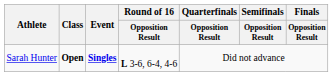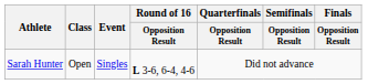 <table class=wikitable style="font-size:90%">
 <tr>
 <th rowspan="2">Athlete</th>
 <th rowspan="2">Class</th>
 <th rowspan="2">Event</th>
 <th>Round of 16</th>
 <th>Quarterfinals</th>
 <th>Semifinals</th>
 <th>Finals</th>
 </tr>
 <tr>
 <th style="line-height:1em"><small>Opposition<br>Result</small></th>
 <th style="line-height:1em"><small>Opposition<br>Result</small></th>
 <th style="line-height:1em"><small>Opposition<br>Result</small></th>
 <th style="line-height:1em"><small>Opposition<br>Result</small></th>
 </tr>
 <tr>
 <td><a href='#'>Sarah Hunter</a></td>
-<td style="text-align:center;"><strong>Open</strong></td>
-<td><strong><a href='#'>Singles</a></strong></td>
+<td style="text-align:center;">Open</td>
+<td><a href='#'>Singles</a></td>
 <td style="text-align:center;"><br><strong>L</strong> 3-6, 6-4, 4-6</td>
 <td style="text-align:center;" colspan="3">Did not advance</td>
 </tr>
 </table>
